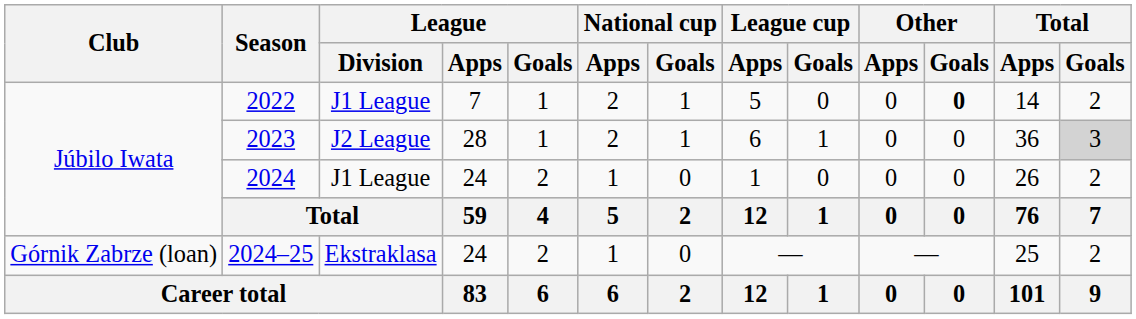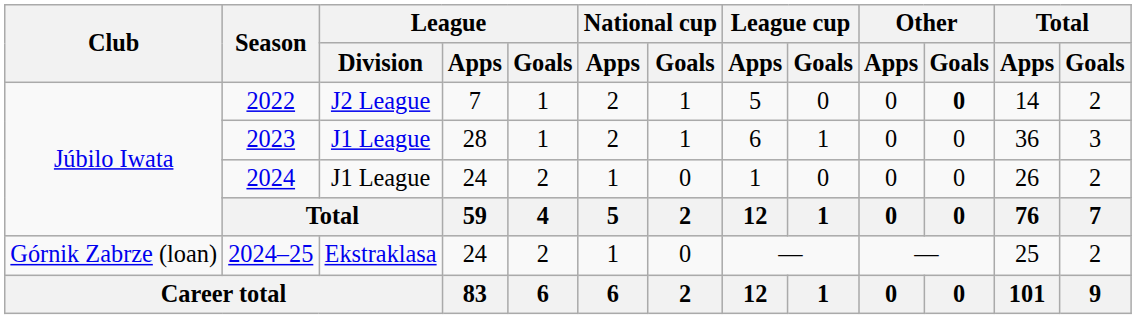 <table class="wikitable" style="text-align: center;">
 <tr>
 <th rowspan="2">Club</th>
 <th rowspan="2">Season</th>
 <th colspan="3">League</th>
 <th colspan="2">National cup</th>
 <th colspan="2">League cup</th>
 <th colspan="2">Other</th>
 <th colspan="2">Total</th>
 </tr>
 <tr>
 <th>Division</th>
 <th>Apps</th>
 <th>Goals</th>
 <th>Apps</th>
 <th>Goals</th>
 <th>Apps</th>
 <th>Goals</th>
 <th>Apps</th>
 <th>Goals</th>
 <th>Apps</th>
 <th>Goals</th>
 </tr>
 <tr>
 <td rowspan="4"><a href='#'>Júbilo Iwata</a></td>
 <td><a href='#'>2022</a></td>
-<td><a href='#'>J1 League</a></td>
+<td><a href='#'>J2 League</a></td>
 <td>7</td>
 <td>1</td>
 <td>2</td>
 <td>1</td>
 <td>5</td>
 <td>0</td>
 <td>0</td>
 <td><strong>0</strong></td>
 <td>14</td>
 <td>2</td>
 </tr>
 <tr>
 <td><a href='#'>2023</a></td>
-<td><a href='#'>J2 League</a></td>
+<td><a href='#'>J1 League</a></td>
 <td>28</td>
 <td>1</td>
 <td>2</td>
 <td>1</td>
 <td>6</td>
 <td>1</td>
 <td>0</td>
 <td>0</td>
 <td>36</td>
-<td style="background: lightgrey;">3</td>
+<td>3</td>
 </tr>
 <tr>
 <td><a href='#'>2024</a></td>
 <td>J1 League</td>
 <td>24</td>
 <td>2</td>
 <td>1</td>
 <td>0</td>
 <td>1</td>
 <td>0</td>
 <td>0</td>
 <td>0</td>
 <td>26</td>
 <td>2</td>
 </tr>
 <tr>
 <th colspan=2>Total</th>
 <th>59</th>
 <th>4</th>
 <th>5</th>
 <th>2</th>
 <th>12</th>
 <th>1</th>
 <th>0</th>
 <th>0</th>
 <th>76</th>
 <th>7</th>
 </tr>
 <tr>
 <td><a href='#'>Górnik Zabrze</a> (loan)</td>
 <td><a href='#'>2024–25</a></td>
 <td><a href='#'>Ekstraklasa</a></td>
 <td>24</td>
 <td>2</td>
 <td>1</td>
 <td>0</td>
 <td colspan="2">—</td>
 <td colspan="2">—</td>
 <td>25</td>
 <td>2</td>
 </tr>
 <tr>
 <th colspan=3>Career total</th>
 <th>83</th>
 <th>6</th>
 <th>6</th>
 <th>2</th>
 <th>12</th>
 <th>1</th>
 <th>0</th>
 <th>0</th>
 <th>101</th>
 <th>9</th>
 </tr>
 </table>
